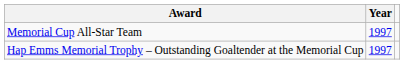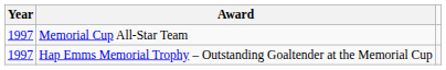 <table class="wikitable">
 <tr>
+<th>Year</th>
 <th>Award</th>
-<th>Year</th>
 <td></td>
 </tr>
 <tr>
+<td><a href='#'>1997</a></td>
 <td><a href='#'>Memorial Cup</a> All-Star Team</td>
-<td><a href='#'>1997</a></td>
 <td></td>
 </tr>
 <tr>
+<td><a href='#'>1997</a></td>
 <td><a href='#'>Hap Emms Memorial Trophy</a> – Outstanding Goaltender at the Memorial Cup</td>
-<td><a href='#'>1997</a></td>
 <td></td>
 </tr>
 </table>
